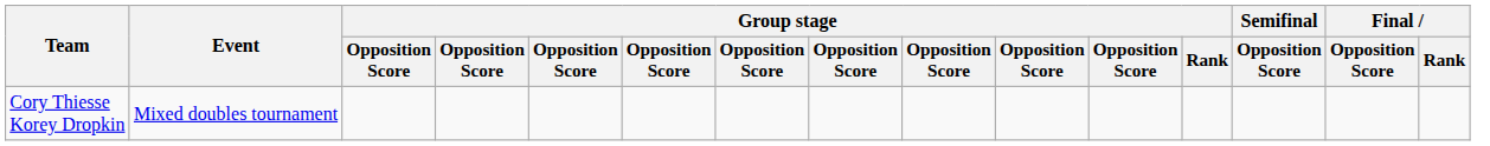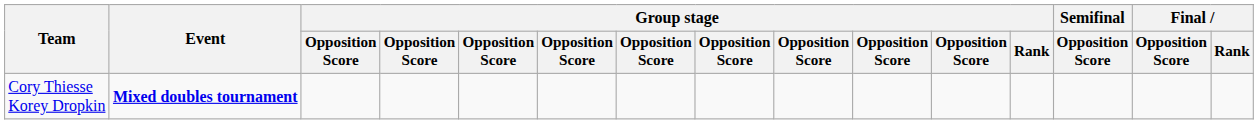 <table class=wikitable style=font-size:90%;text-align:center>
 <tr>
 <th rowspan=2>Team</th>
 <th rowspan=2>Event</th>
 <th colspan=10>Group stage</th>
 <th>Semifinal</th>
 <th colspan=2>Final / </th>
 </tr>
 <tr style="font-size:95%">
 <th>Opposition<br>Score</th>
 <th>Opposition<br>Score</th>
 <th>Opposition<br>Score</th>
 <th>Opposition<br>Score</th>
 <th>Opposition<br>Score</th>
 <th>Opposition<br>Score</th>
 <th>Opposition<br>Score</th>
 <th>Opposition<br>Score</th>
 <th>Opposition<br>Score</th>
 <th>Rank</th>
 <th>Opposition<br>Score</th>
 <th>Opposition<br>Score</th>
 <th>Rank</th>
 </tr>
 <tr>
 <td align=left><a href='#'>Cory Thiesse</a><br><a href='#'>Korey Dropkin</a></td>
-<td align=left><a href='#'>Mixed doubles tournament</a></td>
+<td align=left><strong><a href='#'>Mixed doubles tournament</a></strong></td>
 <td></td>
 <td></td>
 <td></td>
 <td></td>
 <td></td>
 <td></td>
 <td></td>
 <td></td>
 <td></td>
 <td></td>
 <td></td>
 <td></td>
 <td></td>
 </tr>
 </table>
